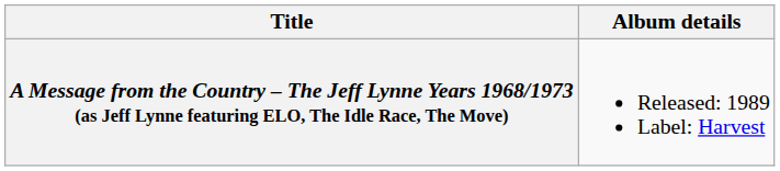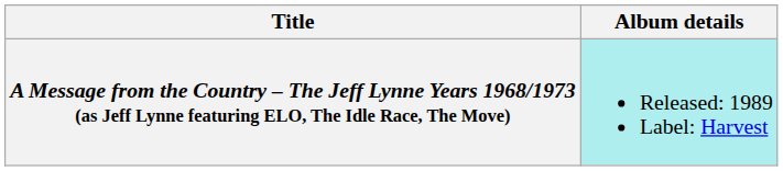 <table class="wikitable plainrowheaders">
 <tr>
 <th>Title</th>
 <th>Album details</th>
 </tr>
 <tr>
 <th scope="row"><em>A Message from the Country – The Jeff Lynne Years 1968/1973</em><br><small>(as Jeff Lynne featuring ELO, The Idle Race, The Move)</small></th>
-<td><br><ul><li>Released: 1989</li><li>Label: <a href='#'>Harvest</a></li></ul></td>
+<td style="background: paleturquoise;"><br><ul><li>Released: 1989</li><li>Label: <a href='#'>Harvest</a></li></ul></td>
 </tr>
 </table>
